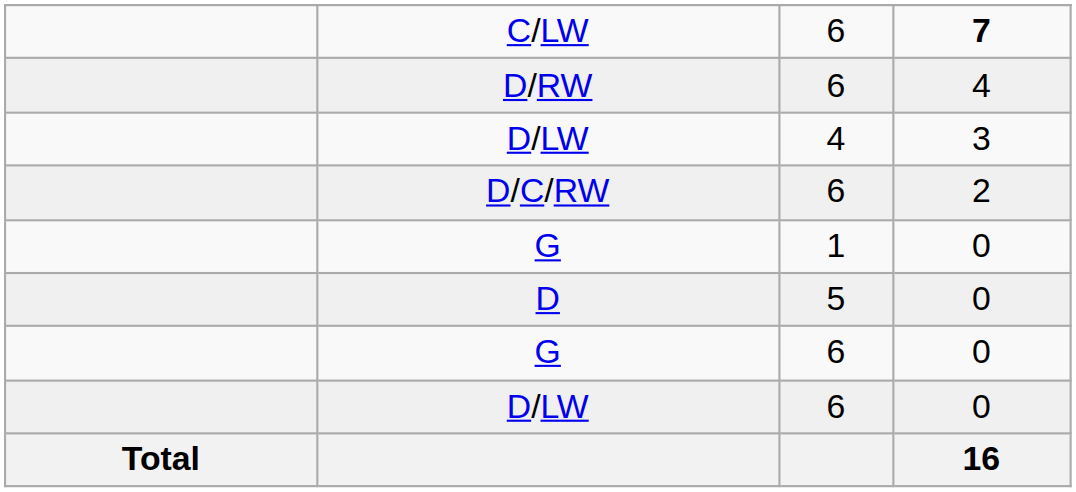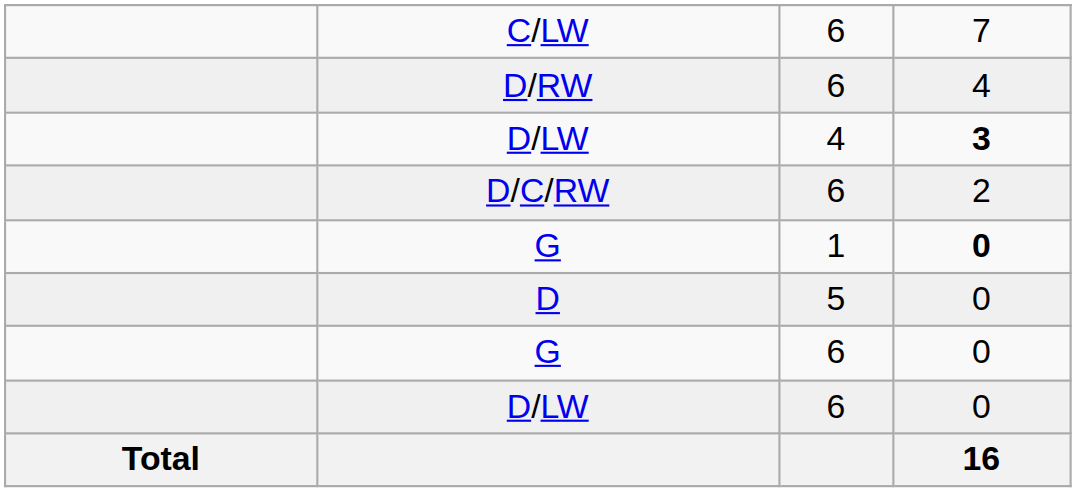 <table class="wikitable sortable" width ="40%">
 <tr align="center">
 </tr>
 <tr align="center" bgcolor="">
 <td></td>
 <td><a href='#'>C</a>/<a href='#'>LW</a></td>
 <td>6</td>
-<td><strong>7</strong></td>
+<td>7</td>
 </tr>
 <tr align="center" bgcolor="f0f0f0">
 <td></td>
 <td><a href='#'>D</a>/<a href='#'>RW</a></td>
 <td>6</td>
 <td>4</td>
 </tr>
 <tr align="center" bgcolor="">
 <td></td>
 <td><a href='#'>D</a>/<a href='#'>LW</a></td>
 <td>4</td>
-<td>3</td>
+<td><strong>3</strong></td>
 </tr>
 <tr align="center" bgcolor="f0f0f0">
 <td></td>
 <td><a href='#'>D</a>/<a href='#'>C</a>/<a href='#'>RW</a></td>
 <td>6</td>
 <td>2</td>
 </tr>
 <tr align="center" bgcolor="">
 <td></td>
 <td><a href='#'>G</a></td>
 <td>1</td>
-<td>0</td>
+<td><strong>0</strong></td>
 </tr>
 <tr align="center" bgcolor="f0f0f0">
 <td></td>
 <td><a href='#'>D</a></td>
 <td>5</td>
 <td>0</td>
 </tr>
 <tr align="center" bgcolor="">
 <td></td>
 <td><a href='#'>G</a></td>
 <td>6</td>
 <td>0</td>
 </tr>
 <tr align="center" bgcolor="f0f0f0">
 <td></td>
 <td><a href='#'>D</a>/<a href='#'>LW</a></td>
 <td>6</td>
 <td>0</td>
 </tr>
 <tr>
 <th>Total</th>
 <th></th>
 <th></th>
 <th>16</th>
 </tr>
 </table>
